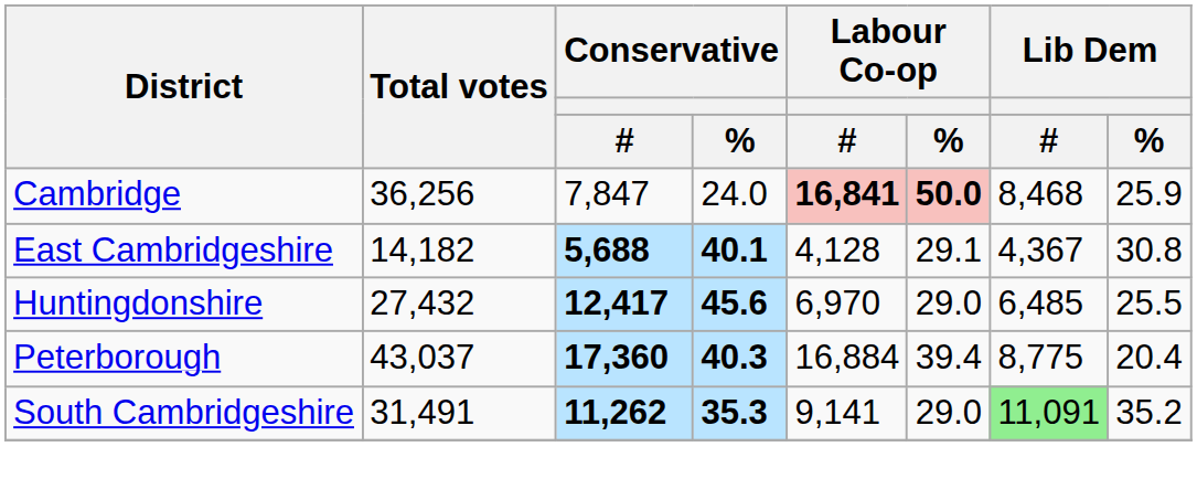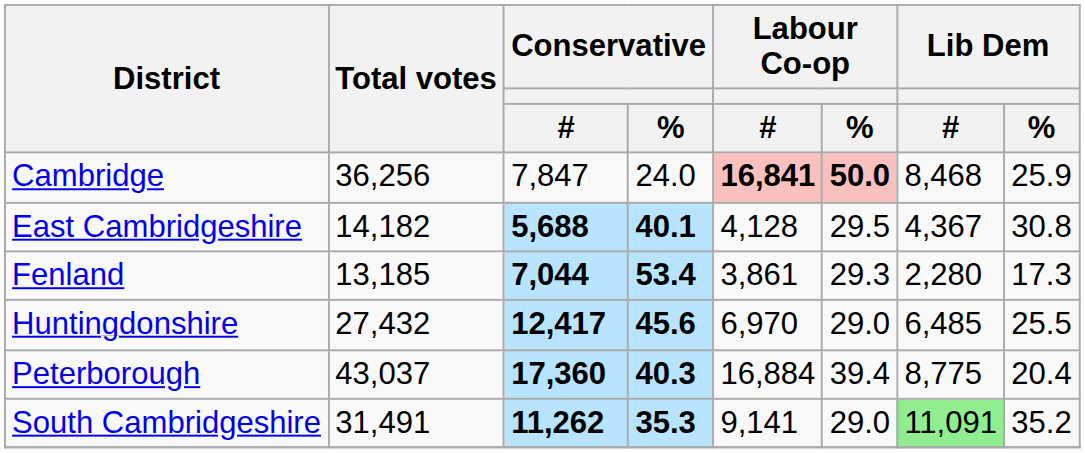 <table class="wikitable sortable">
 <tr>
 <th rowspan=3>District</th>
 <th rowspan=3>Total votes</th>
 <th colspan="2">Conservative</th>
 <th colspan="2">Labour<br>Co-op</th>
 <th colspan="2">Lib Dem</th>
 </tr>
 <tr>
 <th colspan="2" style="background:"></th>
 <th colspan="2" style="background:"></th>
 <th colspan="2" style="background:"></th>
 </tr>
 <tr>
 <th>#</th>
 <th>%</th>
 <th>#</th>
 <th>%</th>
 <th>#</th>
 <th>%</th>
 </tr>
 <tr>
 <td><a href='#'>Cambridge</a></td>
 <td>36,256</td>
 <td>7,847</td>
 <td>24.0</td>
 <td style="background:#F8C1BE;"><strong>16,841</strong></td>
 <td style="background:#F8C1BE;"><strong>50.0</strong></td>
 <td>8,468</td>
 <td>25.9</td>
 </tr>
 <tr>
 <td><a href='#'>East Cambridgeshire</a></td>
 <td>14,182</td>
 <td style="background:#B9E4FF;"><strong>5,688</strong></td>
 <td style="background:#B9E4FF;"><strong>40.1</strong></td>
 <td>4,128</td>
-<td>29.1</td>
+<td>29.5</td>
 <td>4,367</td>
 <td>30.8</td>
+</tr>
+<tr>
+<td><a href='#'>Fenland</a></td>
+<td>13,185</td>
+<td style="background:#B9E4FF;"><strong>7,044</strong></td>
+<td style="background:#B9E4FF;"><strong>53.4</strong></td>
+<td>3,861</td>
+<td>29.3</td>
+<td>2,280</td>
+<td>17.3</td>
 </tr>
 <tr>
 <td><a href='#'>Huntingdonshire</a></td>
 <td>27,432</td>
 <td style="background:#B9E4FF;"><strong>12,417</strong></td>
 <td style="background:#B9E4FF;"><strong>45.6</strong></td>
 <td>6,970</td>
 <td>29.0</td>
 <td>6,485</td>
 <td>25.5</td>
 </tr>
 <tr>
 <td><a href='#'>Peterborough</a></td>
 <td>43,037</td>
 <td style="background:#B9E4FF;"><strong>17,360</strong></td>
 <td style="background:#B9E4FF;"><strong>40.3</strong></td>
 <td>16,884</td>
 <td>39.4</td>
 <td>8,775</td>
 <td>20.4</td>
 </tr>
 <tr>
 <td><a href='#'>South Cambridgeshire</a></td>
 <td>31,491</td>
 <td style="background:#B9E4FF;"><strong>11,262</strong></td>
 <td style="background:#B9E4FF;"><strong>35.3</strong></td>
 <td>9,141</td>
 <td>29.0</td>
 <td style="background: lightgreen;">11,091</td>
 <td>35.2</td>
 </tr>
 <tr>
 </tr>
 </table>
